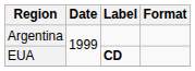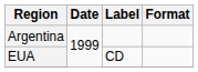 <table class="wikitable">
 <tr>
 <th>Region</th>
 <th>Date</th>
 <th>Label</th>
 <th>Format</th>
 </tr>
 <tr>
 <td scope="row" style="background-color: #f2f2f2;">Argentina</td>
 <td rowspan="6">1999</td>
 <td></td>
 <td></td>
 </tr>
 <tr>
 <td scope="row" style="background-color: #f2f2f2;">EUA</td>
-<td><strong>CD</strong></td>
+<td>CD</td>
 <td></td>
 </tr>
 <tr>
 </tr>
 </table>
